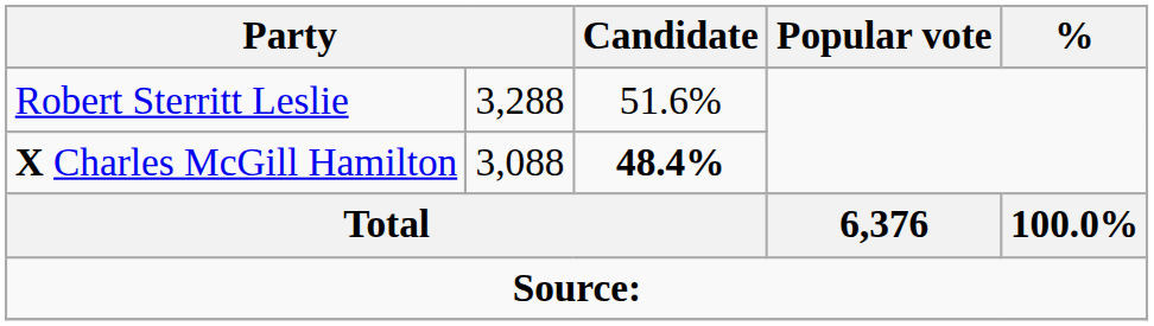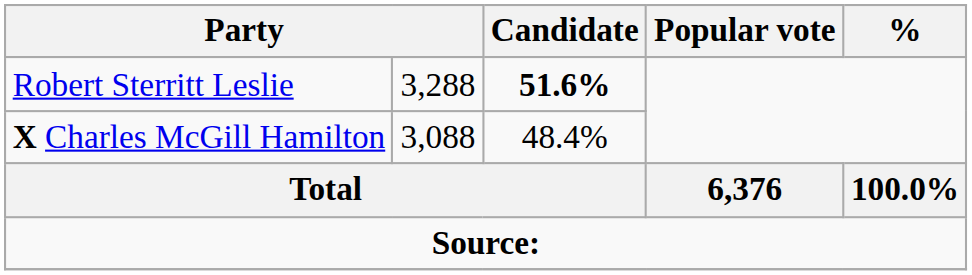 <table class="wikitable">
 <tr>
 <th colspan="2">Party</th>
 <th>Candidate</th>
 <th>Popular vote</th>
 <th>%</th>
 </tr>
 <tr>
 <td> <a href='#'>Robert Sterritt Leslie</a></td>
 <td align=center>3,288</td>
-<td align=center>51.6%</td>
+<td align=center><strong>51.6%</strong></td>
 </tr>
 <tr>
 <td><strong>X</strong> <a href='#'>Charles McGill Hamilton</a></td>
 <td align=center>3,088</td>
-<td align=center><strong>48.4%</strong></td>
+<td align=center>48.4%</td>
 </tr>
 <tr>
 <th colspan=3>Total</th>
 <th>6,376</th>
 <th>100.0%</th>
 </tr>
 <tr>
 <td align="center" colspan=5><strong>Source:</strong> </td>
 </tr>
 <tr>
 </tr>
 </table>
